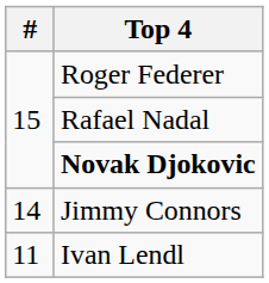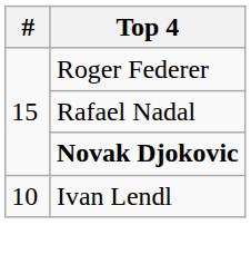 <table class="wikitable" style="display:inline-table;">
 <tr>
 <th width=20>#</th>
 <th>Top 4</th>
 </tr>
 <tr>
 <td rowspan="3">15</td>
 <td> Roger Federer</td>
 </tr>
 <tr>
 <td> Rafael Nadal</td>
 </tr>
 <tr>
 <td> <strong>Novak Djokovic</strong></td>
 </tr>
 <tr>
-<td>14</td>
-<td> Jimmy Connors</td>
-</tr>
-<tr>
-<td>11</td>
+<td>10</td>
 <td> Ivan Lendl</td>
 </tr>
 </table>
